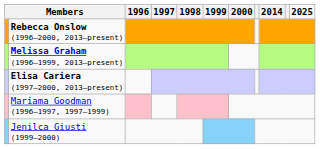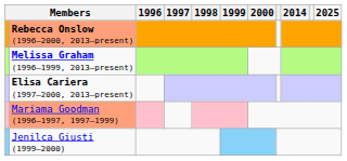 <table class="wikitable">
 <tr>
 <th colspan="2">Members</th>
 <th>1996</th>
 <th>1997</th>
 <th>1998</th>
 <th>1999</th>
 <th>2000</th>
 <th></th>
 <th>2014</th>
 <th></th>
 <td><strong>2025</strong></td>
 </tr>
 <tr>
 <td style="background:orange"></td>
-<td><strong>Rebecca Onslow</strong><br><small>(1996–2000, 2013–present)</small></td>
+<td style="background: lightsalmon;"><strong>Rebecca Onslow</strong><br><small>(1996–2000, 2013–present)</small></td>
 <td colspan="5"  style="text-align:center; background:orange;"></td>
 <td colspan="1"></td>
 <td colspan="11"  style="text-align:center; background:orange;"></td>
 </tr>
 <tr>
 <td style="background:#B4FB84"></td>
 <td><strong><a href='#'>Melissa Graham</a></strong><br><small>(1996–1999, 2013–present)</small></td>
 <td colspan="4"  style="text-align:center; background:#B4FB84;"></td>
 <td colspan="2"></td>
 <td colspan="11"  style="text-align:center; background:#B4FB84;"></td>
 </tr>
 <tr>
 <td style="background:#ccf;"></td>
 <td><strong>Elisa Cariera</strong><br><small>(1997–2000, 2013–present)</small></td>
 <td colspan="1"></td>
 <td colspan="4" style="text-align:center; background:#ccf;"></td>
 <td colspan="1"></td>
 <td colspan="11" style="text-align:center; background:#ccf;"></td>
 </tr>
 <tr>
 <td style="background:pink;"></td>
-<td><a href='#'>Mariama Goodman</a><br><small>(1996–1997, 1997–1999)</small></td>
+<td style="background: lightsalmon;"><a href='#'>Mariama Goodman</a><br><small>(1996–1997, 1997–1999)</small></td>
 <td colspan="1"  style="text-align:center; background:pink;"></td>
 <td colspan="1"></td>
 <td colspan="2"  style="text-align:center; background:pink;"></td>
 <td colspan="13"></td>
 </tr>
 <tr>
 <td style="background:#87D3F8"></td>
 <td><a href='#'>Jenilca Giusti</a><br><small>(1999–2000)</small></td>
 <td colspan="3"></td>
 <td colspan="2"  style="text-align:center; background:#87D3F8;"></td>
 <td colspan="12"></td>
 </tr>
 </table>
